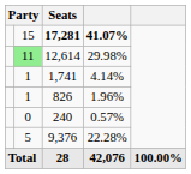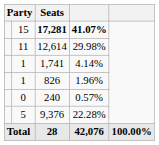 <table class="wikitable">
 <tr>
 <th colspan="2">Party</th>
 <th>Seats</th>
 <th></th>
 <th></th>
 </tr>
 <tr>
 <td></td>
 <td align="center">15</td>
 <td align="center"><strong>17,281</strong></td>
 <td align="center"><strong>41.07%</strong></td>
 </tr>
 <tr>
 <td></td>
-<td align="center" style="background: lightgreen;">11</td>
+<td align="center">11</td>
 <td align="center">12,614</td>
 <td align="center">29.98%</td>
 </tr>
 <tr>
 <td></td>
 <td align="center">1</td>
 <td align="center">1,741</td>
 <td align="center">4.14%</td>
 </tr>
 <tr>
 <td></td>
 <td align="center">1</td>
 <td align="center">826</td>
 <td align="center">1.96%</td>
 </tr>
 <tr>
 <td></td>
 <td align="center">0</td>
 <td align="center">240</td>
 <td align="center">0.57%</td>
 </tr>
 <tr>
 <td></td>
 <td align="center">5</td>
 <td align="center">9,376</td>
 <td align="center">22.28%</td>
 </tr>
 <tr style="font-weight:bold; background:rgb(232,232,232);">
 <td colspan="2">Total</td>
 <td align="center">28</td>
 <td align="center">42,076</td>
 <td align="center">100.00%</td>
 </tr>
 </table>
